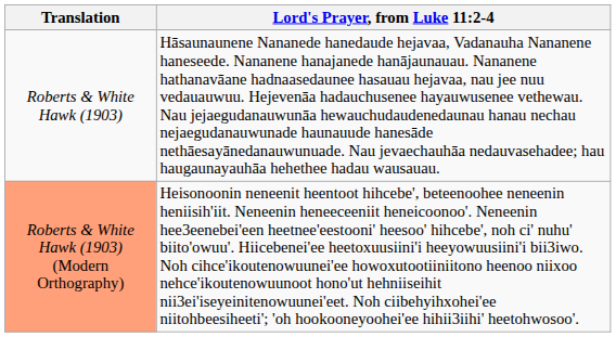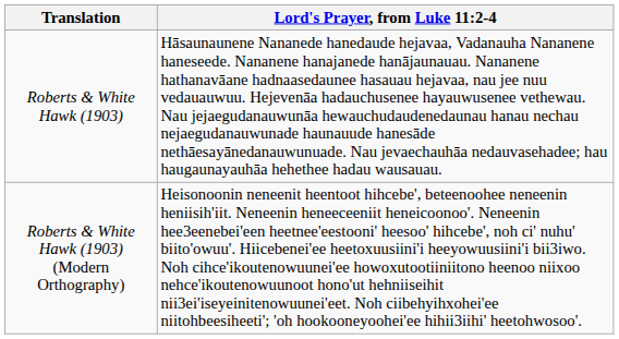 <table class="wikitable">
 <tr>
 <th style="text-align:center; width:25%;">Translation</th>
 <th><a href='#'>Lord's Prayer</a>, from <a href='#'>Luke</a> 11:2-4</th>
 </tr>
 <tr>
 <td style="text-align:center;"><em>Roberts & White Hawk (1903)</em></td>
 <td>Hāsaunaunene Nananede hanedaude hejavaa, Vadanauha Nananene haneseede. Nananene hanajanede hanājaunauau. Nananene hathanavāane hadnaasedaunee hasauau hejavaa, nau jee nuu vedauauwuu. Hejevenāa hadauchusenee hayauwusenee vethewau. Nau jejaegudanauwunāa hewauchudaudenedaunau hanau nechau nejaegudanauwunade haunauude hanesāde nethāesayānedanauwunuade. Nau jevaechauhāa nedauvasehadee; hau haugaunayauhāa hehethee hadau wausauau.</td>
 </tr>
 <tr>
-<td style="background: lightsalmon; text-align:center;"><em>Roberts & White Hawk (1903)</em><br>(Modern Orthography)</td>
+<td style="text-align:center;"><em>Roberts & White Hawk (1903)</em><br>(Modern Orthography)</td>
 <td>Heisonoonin neneenit heentoot hihcebe', beteenoohee neneenin heniisih'iit. Neneenin heneeceeniit heneicoonoo'. Neneenin hee3eenebei'een heetnee'eestooni' heesoo' hihcebe', noh ci' nuhu' biito'owuu'. Hiicebenei'ee heetoxuusiini'i heeyowuusiini'i bii3iwo. Noh cihce'ikoutenowuunei'ee howoxutootiiniitono heenoo niixoo nehce'ikoutenowuunoot hono'ut hehniiseihit nii3ei'iseyeinitenowuunei'eet. Noh ciibehyihxohei'ee niitohbeesiheeti'; 'oh hookooneyoohei'ee hihii3iihi' heetohwosoo'.</td>
 </tr>
 </table>
